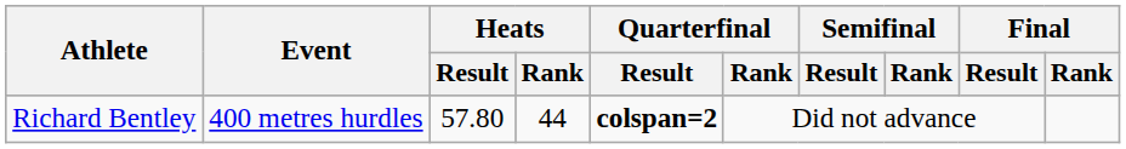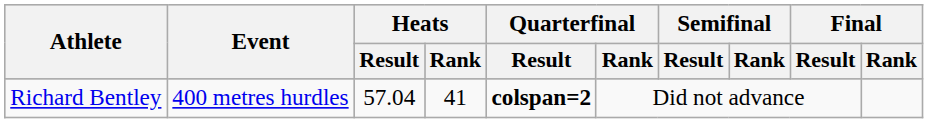 <table class="wikitable" style="font-size:90%">
 <tr>
 <th rowspan="2">Athlete</th>
 <th rowspan="2">Event</th>
 <th colspan="2">Heats</th>
 <th colspan="2">Quarterfinal</th>
 <th colspan="2">Semifinal</th>
 <th colspan="2">Final</th>
 </tr>
 <tr style="font-size:95%">
 <th>Result</th>
 <th>Rank</th>
 <th>Result</th>
 <th>Rank</th>
 <th>Result</th>
 <th>Rank</th>
 <th>Result</th>
 <th>Rank</th>
 </tr>
 <tr align=center>
 <td align=left><a href='#'>Richard Bentley</a></td>
 <td align=left><a href='#'>400 metres hurdles</a></td>
-<td>57.80</td>
-<td>44</td>
+<td>57.04</td>
+<td>41</td>
 <td><strong>colspan=2</strong></td>
 <td colspan=4>Did not advance</td>
 </tr>
 </table>
